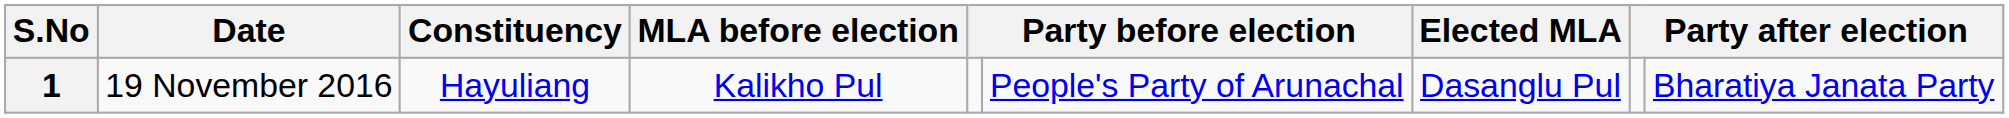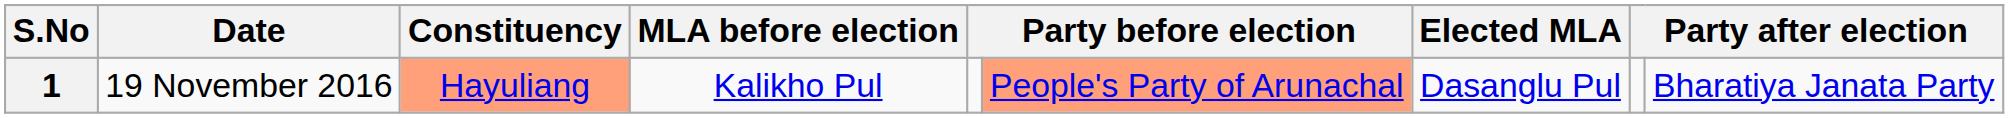 <table class="wikitable sortable" style="text-align:center;">
 <tr>
 <th>S.No</th>
 <th>Date</th>
 <th>Constituency</th>
 <th>MLA before election</th>
 <th colspan="2">Party before election</th>
 <th>Elected MLA</th>
 <th colspan="2">Party after election</th>
 </tr>
 <tr>
 <th>1</th>
 <td>19 November 2016</td>
-<td><a href='#'>Hayuliang</a></td>
+<td style="background: lightsalmon;"><a href='#'>Hayuliang</a></td>
 <td><a href='#'>Kalikho Pul</a></td>
 <td></td>
-<td><a href='#'>People's Party of Arunachal</a></td>
+<td style="background: lightsalmon;"><a href='#'>People's Party of Arunachal</a></td>
 <td><a href='#'>Dasanglu Pul</a></td>
 <td></td>
 <td><a href='#'>Bharatiya Janata Party</a></td>
 </tr>
 </table>
